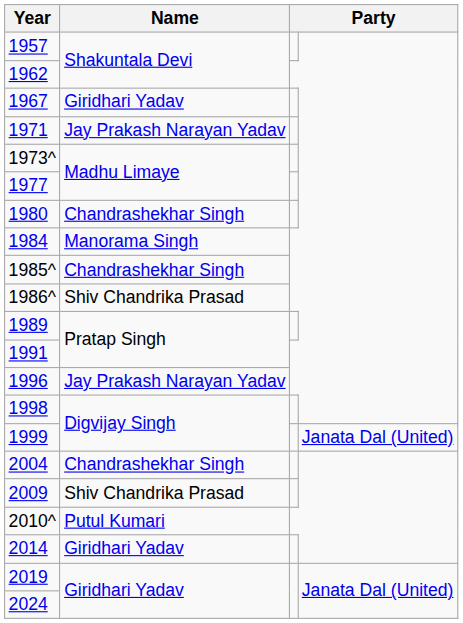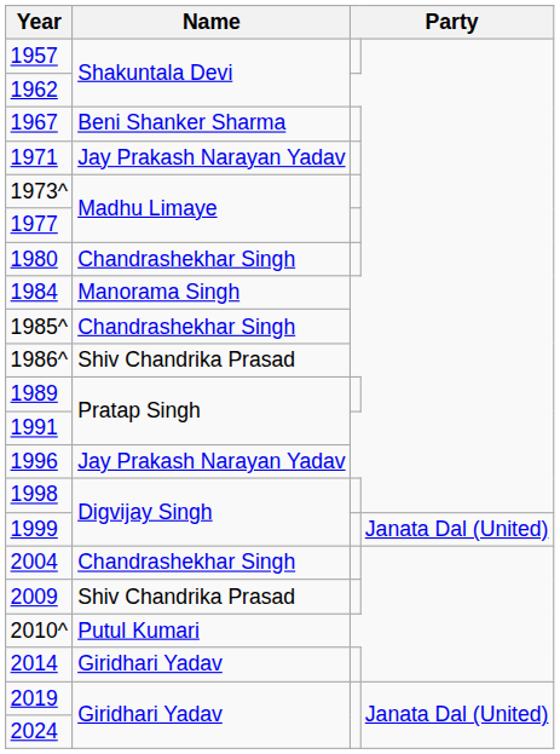 <table class="wikitable">
 <tr>
 <th>Year</th>
 <th>Name</th>
 <th colspan="2">Party</th>
 </tr>
 <tr>
 <td><a href='#'>1957</a></td>
 <td rowspan="2"><a href='#'>Shakuntala Devi</a></td>
 <td></td>
 </tr>
 <tr>
 <td><a href='#'>1962</a></td>
 </tr>
 <tr>
 <td><a href='#'>1967</a></td>
-<td><a href='#'>Giridhari Yadav</a></td>
+<td><a href='#'>Beni Shanker Sharma</a></td>
 <td></td>
 </tr>
 <tr>
 <td><a href='#'>1971</a></td>
 <td><a href='#'>Jay Prakash Narayan Yadav</a></td>
 <td></td>
 </tr>
 <tr>
 <td>1973^</td>
 <td rowspan="2"><a href='#'>Madhu Limaye</a></td>
 <td></td>
 </tr>
 <tr>
 <td><a href='#'>1977</a></td>
 <td></td>
 </tr>
 <tr>
 <td><a href='#'>1980</a></td>
 <td><a href='#'>Chandrashekhar Singh</a></td>
 <td></td>
 </tr>
 <tr>
 <td><a href='#'>1984</a></td>
 <td><a href='#'>Manorama Singh</a></td>
 </tr>
 <tr>
 <td>1985^</td>
 <td><a href='#'>Chandrashekhar Singh</a></td>
 </tr>
 <tr>
 <td>1986^</td>
 <td>Shiv Chandrika Prasad</td>
 </tr>
 <tr>
 <td><a href='#'>1989</a></td>
 <td rowspan="2">Pratap Singh</td>
 <td></td>
 </tr>
 <tr>
 <td><a href='#'>1991</a></td>
 </tr>
 <tr>
 <td><a href='#'>1996</a></td>
 <td><a href='#'>Jay Prakash Narayan Yadav</a></td>
 </tr>
 <tr>
 <td><a href='#'>1998</a></td>
 <td rowspan="2"><a href='#'>Digvijay Singh</a></td>
 <td></td>
 </tr>
 <tr>
 <td><a href='#'>1999</a></td>
 <td style="background-color: "></td>
 <td><a href='#'>Janata Dal (United)</a></td>
 </tr>
 <tr>
 <td><a href='#'>2004</a></td>
 <td><a href='#'>Chandrashekhar Singh</a></td>
 <td></td>
 </tr>
 <tr>
 <td><a href='#'>2009</a></td>
 <td>Shiv Chandrika Prasad</td>
 <td></td>
 </tr>
 <tr>
 <td>2010^</td>
 <td><a href='#'>Putul Kumari</a></td>
 </tr>
 <tr>
 <td><a href='#'>2014</a></td>
 <td><a href='#'>Giridhari Yadav</a></td>
 <td></td>
 </tr>
 <tr>
 <td><a href='#'>2019</a></td>
 <td rowspan="2"><a href='#'>Giridhari Yadav</a></td>
 <td rowspan="2" style="background-color: "></td>
 <td rowspan="2"><a href='#'>Janata Dal (United)</a></td>
 </tr>
 <tr>
 <td><a href='#'>2024</a></td>
 </tr>
 </table>
